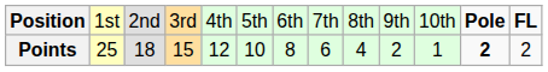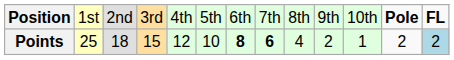 <table class="wikitable" style="font-size:85%; text-align: center;">
 <tr>
 <th>Position</th>
 <td style="background:#FFFFBF;">1st</td>
 <td style="background:#DFDFDF;">2nd</td>
 <td style="background:#FFDF9F;">3rd</td>
 <td style="background:#DFFFDF;">4th</td>
 <td style="background:#DFFFDF;">5th</td>
 <td style="background:#DFFFDF;">6th</td>
 <td style="background:#DFFFDF;">7th</td>
 <td style="background:#DFFFDF;">8th</td>
 <td style="background:#DFFFDF;">9th</td>
 <td style="background:#DFFFDF;">10th</td>
 <td><strong>Pole</strong></td>
 <td><strong>FL</strong></td>
 </tr>
 <tr>
 <th>Points</th>
 <td style="background:#FFFFBF;">25</td>
 <td style="background:#DFDFDF;">18</td>
 <td style="background:#FFDF9F;">15</td>
 <td style="background:#DFFFDF;">12</td>
 <td style="background:#DFFFDF;">10</td>
-<td style="background:#DFFFDF;">8</td>
-<td style="background:#DFFFDF;">6</td>
+<td style="background:#DFFFDF;"><strong>8</strong></td>
+<td style="background:#DFFFDF;"><strong>6</strong></td>
 <td style="background:#DFFFDF;">4</td>
 <td style="background:#DFFFDF;">2</td>
 <td style="background:#DFFFDF;">1</td>
-<td><strong>2</strong></td>
 <td>2</td>
+<td style="background: lightblue;">2</td>
 </tr>
 </table>
